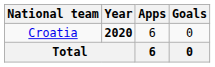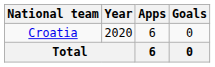 <table class="wikitable" style="text-align: center;">
 <tr>
 <th>National team</th>
 <th>Year</th>
 <th>Apps</th>
 <th>Goals</th>
 </tr>
 <tr>
 <td><a href='#'>Croatia</a></td>
-<td><strong>2020</strong></td>
+<td>2020</td>
 <td>6</td>
 <td>0</td>
 </tr>
 <tr>
 <th colspan="2">Total</th>
 <th>6</th>
 <th>0</th>
 </tr>
 </table>
